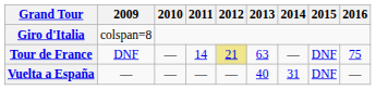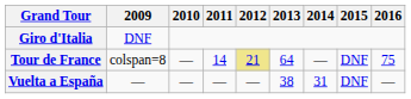 <table class="wikitable plainrowheaders">
 <tr>
 <th scope="col"><a href='#'>Grand Tour</a></th>
 <th scope="col">2009</th>
 <th scope="col">2010</th>
 <th scope="col">2011</th>
 <th scope="col">2012</th>
 <th scope="col">2013</th>
 <th scope="col">2014</th>
 <th scope="col">2015</th>
 <th scope="col">2016</th>
 </tr>
 <tr style="text-align:center;">
 <th scope="row"> <a href='#'>Giro d'Italia</a></th>
-<td>colspan=8 </td>
+<td><a href='#'>DNF</a></td>
 </tr>
 <tr style="text-align:center;">
 <th scope="row"> <a href='#'>Tour de France</a></th>
-<td><a href='#'>DNF</a></td>
+<td>colspan=8 </td>
 <td>—</td>
 <td><a href='#'>14</a></td>
 <td style="background: khaki;"><a href='#'>21</a></td>
-<td><a href='#'>63</a></td>
+<td><a href='#'>64</a></td>
 <td>—</td>
 <td><a href='#'>DNF</a></td>
 <td><a href='#'>75</a></td>
 </tr>
 <tr style="text-align:center;">
 <th scope="row"> <a href='#'>Vuelta a España</a></th>
 <td>—</td>
 <td>—</td>
 <td>—</td>
 <td>—</td>
-<td><a href='#'>40</a></td>
+<td><a href='#'>38</a></td>
 <td><a href='#'>31</a></td>
 <td><a href='#'>DNF</a></td>
 <td>—</td>
 </tr>
 </table>
